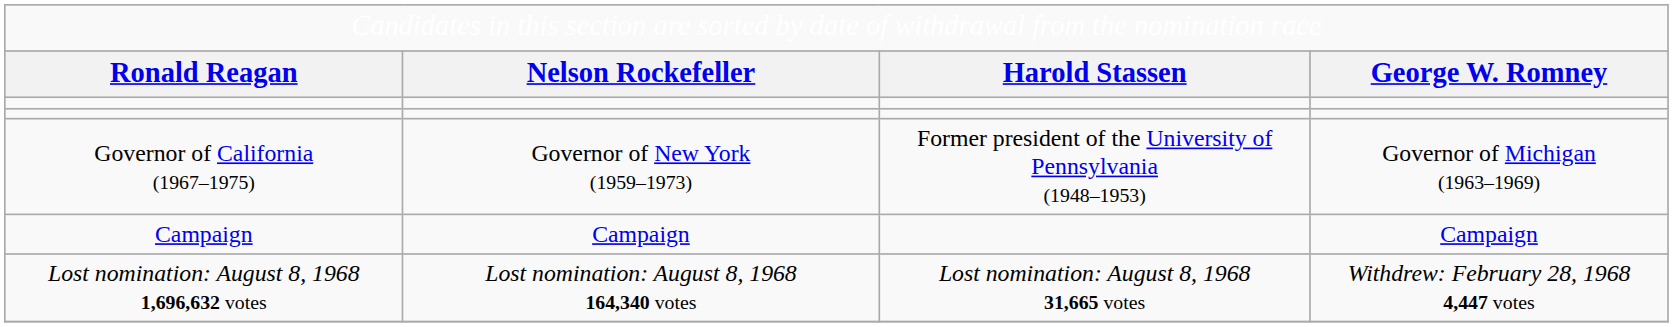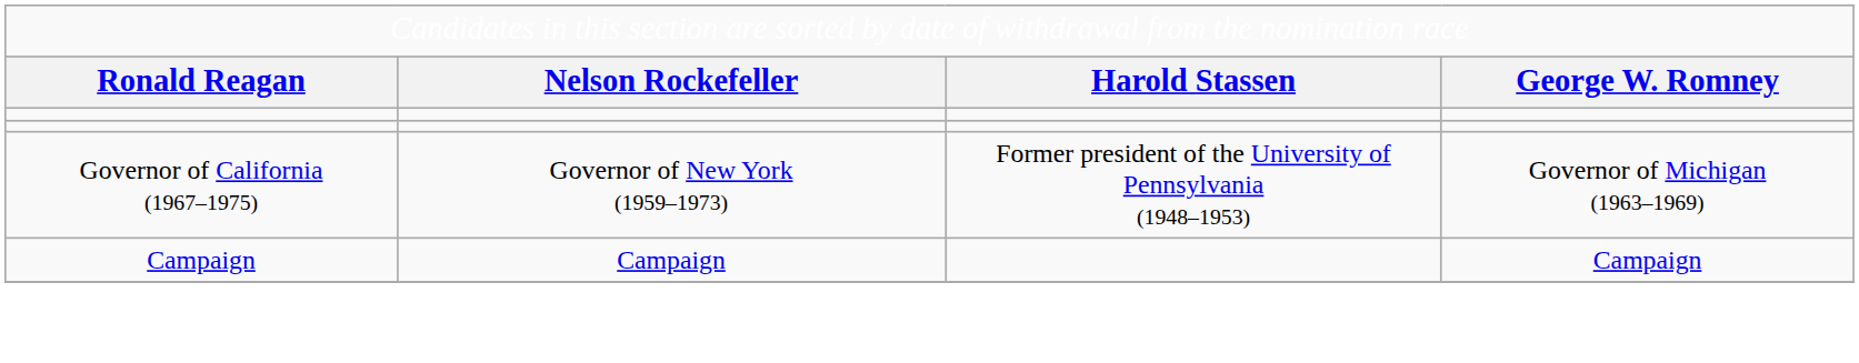 <table class="wikitable" style="font-size:90%">
 <tr>
 <td colspan="4" style="text-align:center; width:1000px; font-size:120%; color:white; background:"><em>Candidates in this section are sorted by date of withdrawal from the nomination race</em></td>
 </tr>
 <tr>
 <th scope="col" style="width:3em; font-size:120%;"><a href='#'>Ronald Reagan</a></th>
 <th scope="col" style="width:3em; font-size:120%;"><a href='#'>Nelson Rockefeller</a></th>
 <th scope="col" style="width:3em; font-size:120%;"><a href='#'>Harold Stassen</a></th>
 <th scope="col" style="width:3em; font-size:120%;"><a href='#'>George W. Romney</a></th>
 </tr>
 <tr>
 <td></td>
 <td></td>
 <td></td>
 <td></td>
 </tr>
 <tr style="text-align:center">
 <td></td>
 <td></td>
 <td></td>
 <td></td>
 </tr>
 <tr style="text-align:center">
 <td>Governor of <a href='#'>California</a><br><small>(1967–1975)</small></td>
 <td>Governor of <a href='#'>New York</a><br><small>(1959–1973)</small></td>
 <td>Former president of the <a href='#'>University of Pennsylvania</a><br><small>(1948–1953)</small></td>
 <td>Governor of <a href='#'>Michigan</a><br><small>(1963–1969)</small></td>
 </tr>
 <tr style="text-align:center">
 <td><a href='#'>Campaign</a></td>
 <td><a href='#'>Campaign</a></td>
 <td></td>
 <td><a href='#'>Campaign</a></td>
 </tr>
-<tr style="text-align:center">
-<td><em>Lost nomination: August 8, 1968</em><br><small><strong>1,696,632</strong> votes</small></td>
-<td><em>Lost nomination: August 8, 1968</em><br><small><strong>164,340</strong> votes</small></td>
-<td><em>Lost nomination: August 8, 1968</em><br><small><strong>31,665</strong> votes</small></td>
-<td><em>Withdrew: February 28, 1968</em><br><small><strong>4,447</strong> votes</small></td>
-</tr>
 <tr>
 </tr>
 </table>
